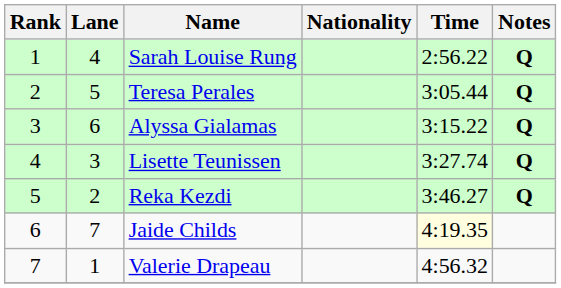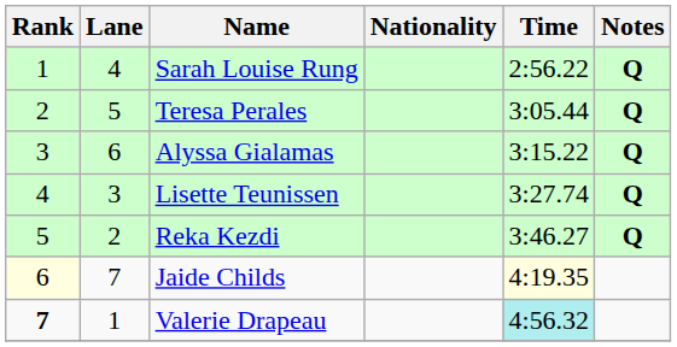 <table class="wikitable">
 <tr>
 <th>Rank</th>
 <th>Lane</th>
 <th>Name</th>
 <th>Nationality</th>
 <th>Time</th>
 <th>Notes</th>
 </tr>
 <tr bgcolor=ccffcc>
 <td align=center>1</td>
 <td align=center>4</td>
 <td><a href='#'>Sarah Louise Rung</a></td>
 <td></td>
 <td align=center>2:56.22</td>
 <td align=center><strong>Q</strong></td>
 </tr>
 <tr bgcolor=ccffcc>
 <td align=center>2</td>
 <td align=center>5</td>
 <td><a href='#'>Teresa Perales</a></td>
 <td></td>
 <td align=center>3:05.44</td>
 <td align=center><strong>Q</strong></td>
 </tr>
 <tr bgcolor=ccffcc>
 <td align=center>3</td>
 <td align=center>6</td>
 <td><a href='#'>Alyssa Gialamas</a></td>
 <td></td>
 <td align=center>3:15.22</td>
 <td align=center><strong>Q</strong></td>
 </tr>
 <tr bgcolor=ccffcc>
 <td align=center>4</td>
 <td align=center>3</td>
 <td><a href='#'>Lisette Teunissen</a></td>
 <td></td>
 <td align=center>3:27.74</td>
 <td align=center><strong>Q</strong></td>
 </tr>
 <tr bgcolor=ccffcc>
 <td align=center>5</td>
 <td align=center>2</td>
 <td><a href='#'>Reka Kezdi</a></td>
 <td></td>
 <td align=center>3:46.27</td>
 <td align=center><strong>Q</strong></td>
 </tr>
 <tr>
-<td align=center>6</td>
+<td align=center style="background: lightyellow;">6</td>
 <td align=center>7</td>
 <td><a href='#'>Jaide Childs</a></td>
 <td></td>
 <td align=center style="background: lightyellow;">4:19.35</td>
 <td align=center></td>
 </tr>
 <tr>
-<td align=center>7</td>
+<td align=center><strong>7</strong></td>
 <td align=center>1</td>
 <td><a href='#'>Valerie Drapeau</a></td>
 <td></td>
-<td align=center>4:56.32</td>
+<td align=center style="background: paleturquoise;">4:56.32</td>
 <td align=center></td>
 </tr>
 <tr>
 </tr>
 </table>
